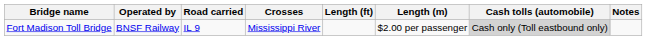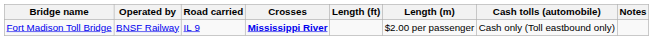 <table class=wikitable>
 <tr>
 <th scope=col>Bridge name</th>
 <th scope=col>Operated by</th>
 <th scope=col>Road carried</th>
 <th scope=col>Crosses</th>
 <th scope=col>Length (ft)</th>
 <th scope=col>Length (m)</th>
 <th scope=col>Cash tolls (automobile)</th>
 <th scope=col>Notes</th>
 </tr>
 <tr>
 <td><a href='#'>Fort Madison Toll Bridge</a></td>
 <td><a href='#'>BNSF Railway</a></td>
 <td><a href='#'>IL 9</a></td>
-<td><a href='#'>Mississippi River</a></td>
+<td><strong><a href='#'>Mississippi River</a></strong></td>
 <td></td>
 <td>$2.00 per passenger</td>
-<td style="background: lightgrey;">Cash only (Toll eastbound only)</td>
+<td>Cash only (Toll eastbound only)</td>
 </tr>
 </table>
